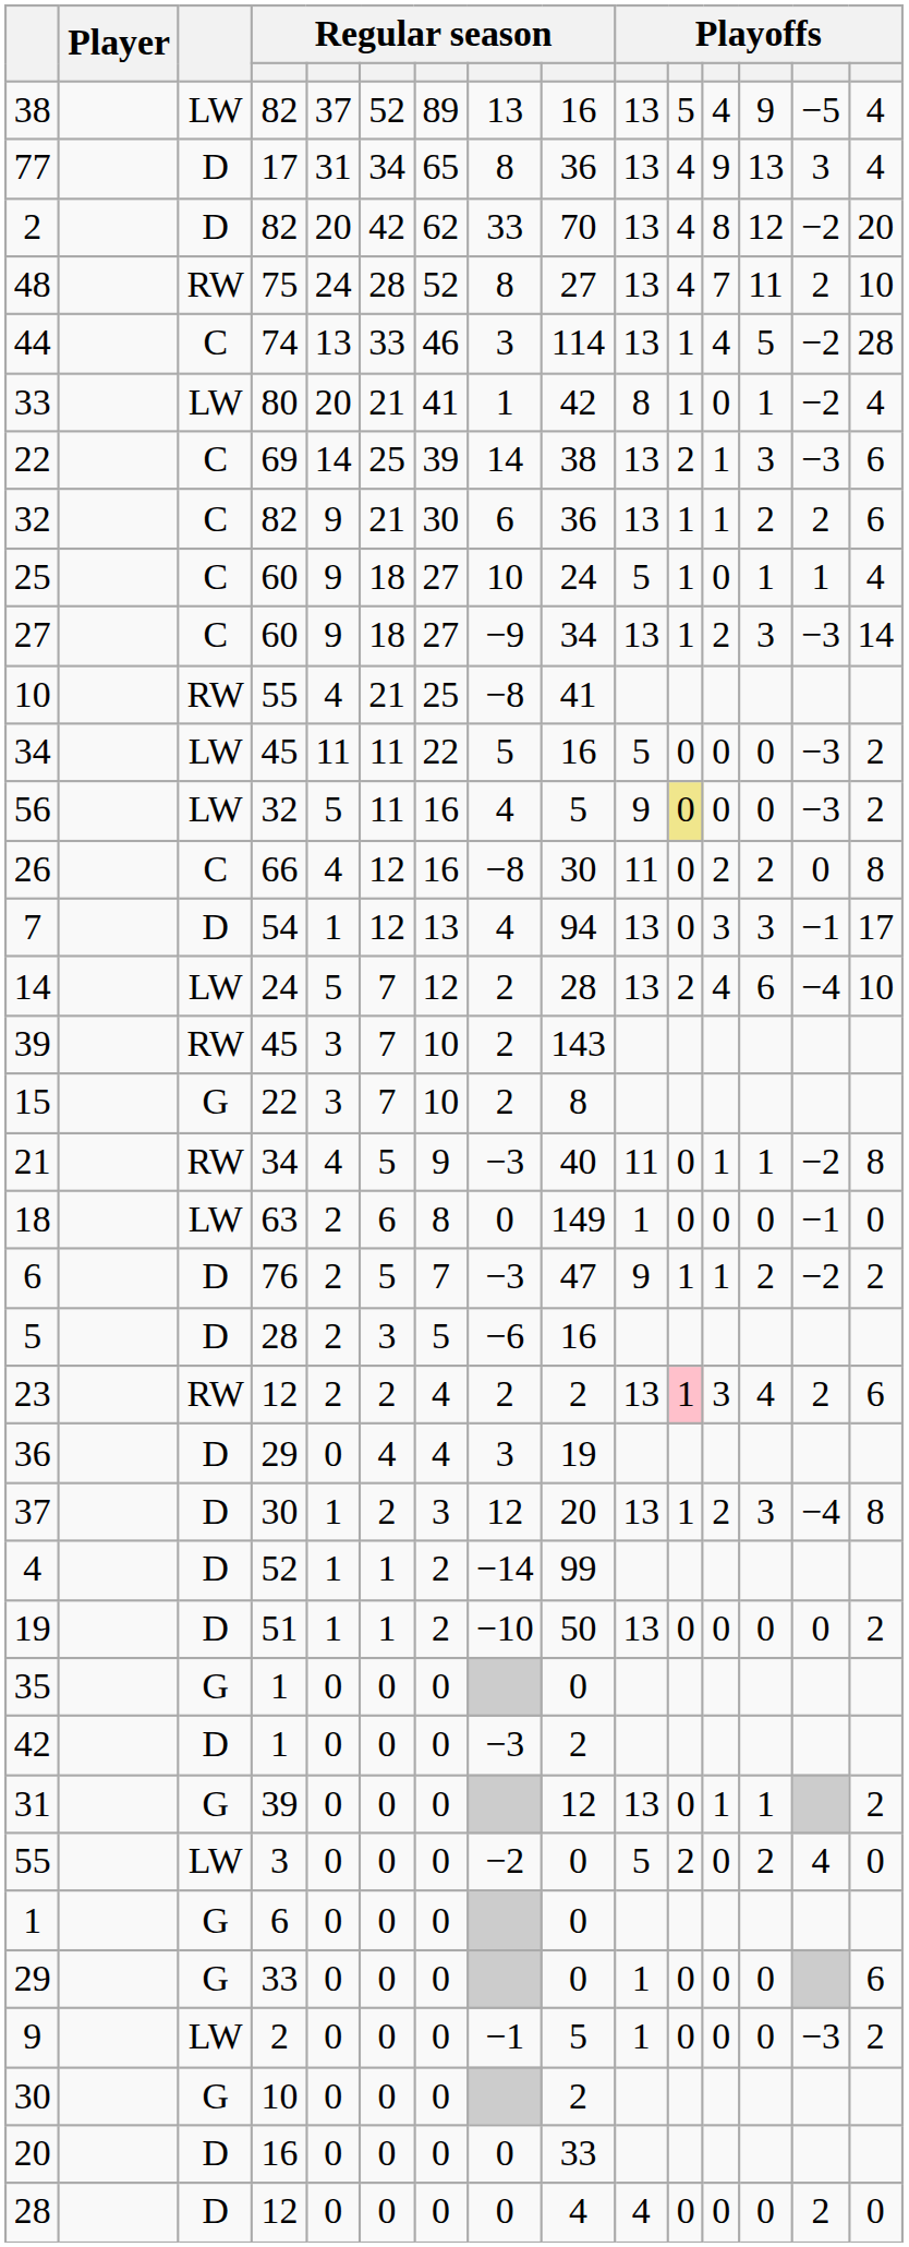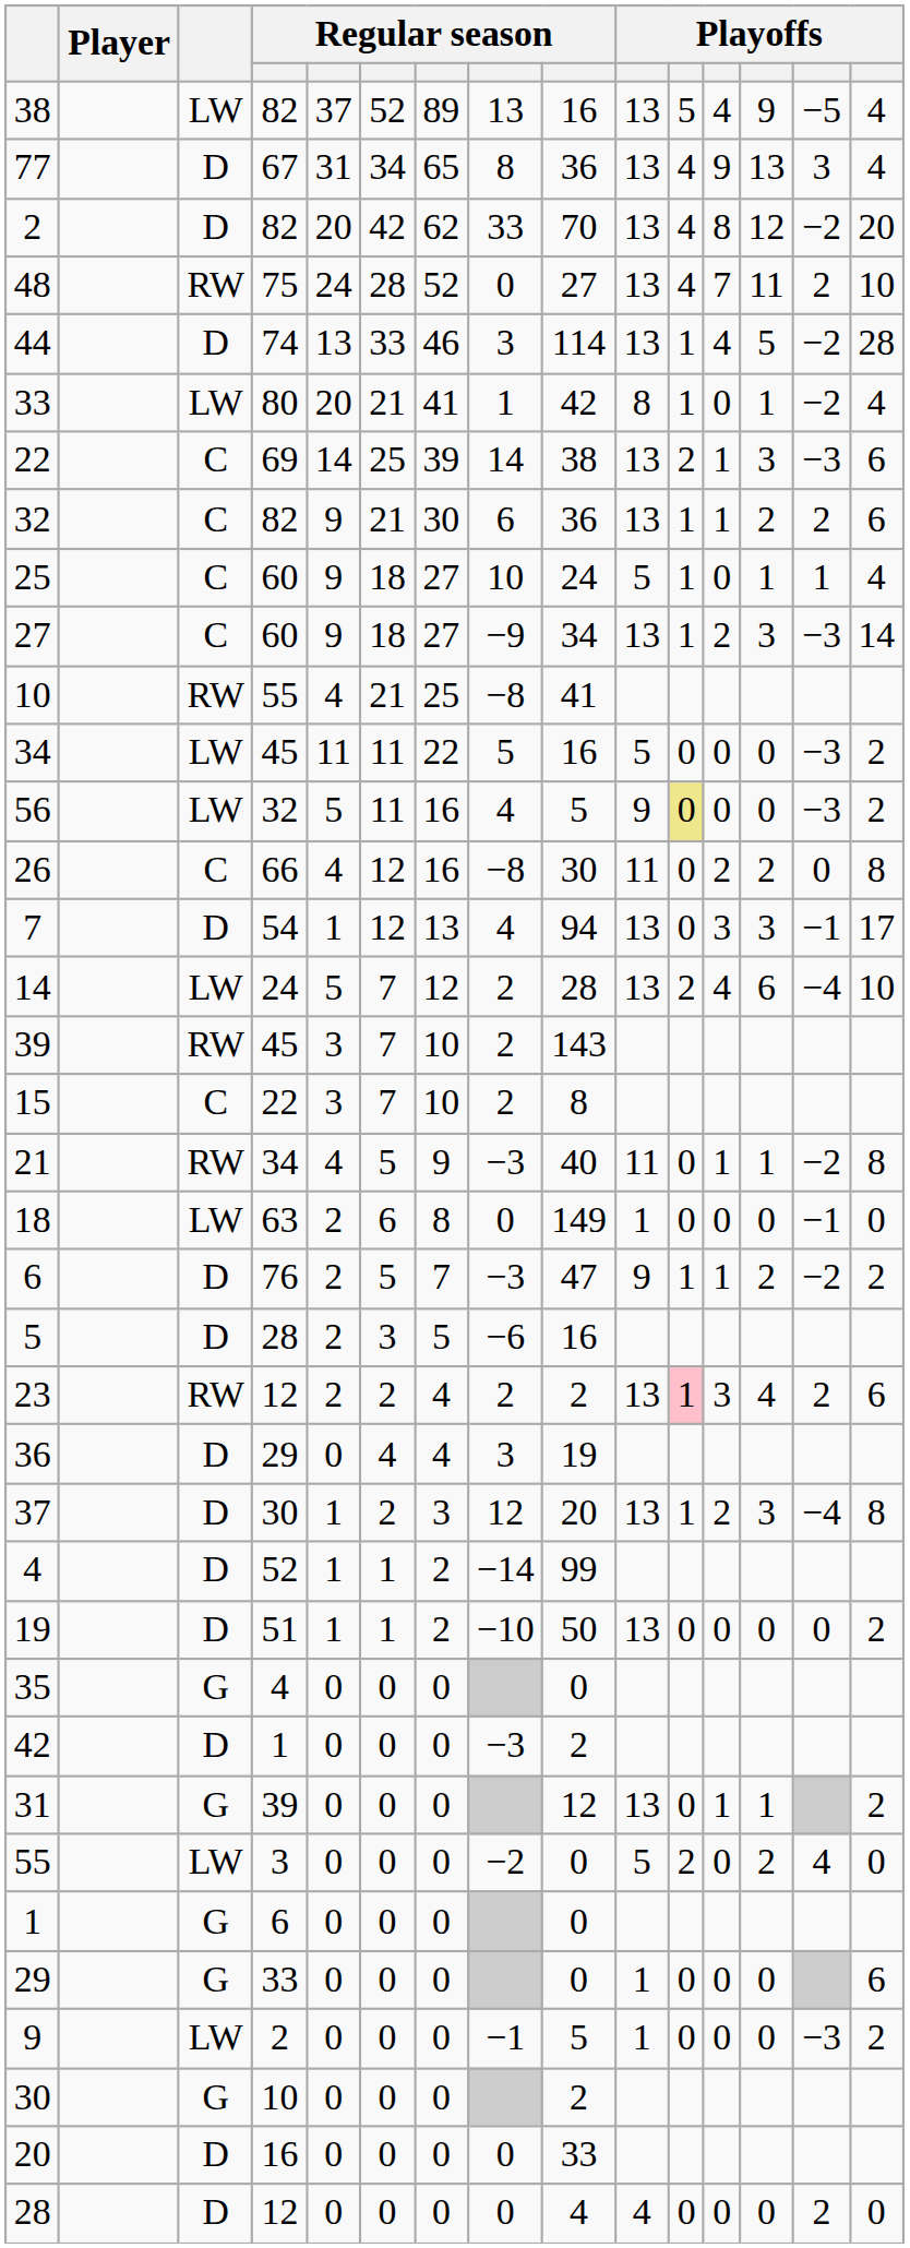 <table class="wikitable sortable plainrowheaders" style="text-align:center;">
 <tr>
 <th scope="col" data-sort-type="number" rowspan="2"></th>
 <th scope="col" rowspan="2">Player</th>
 <th scope="col" rowspan="2"></th>
 <th scope=colgroup colspan=6>Regular season</th>
 <th scope=colgroup colspan=6>Playoffs</th>
 </tr>
 <tr>
 <th scope="col" data-sort-type="number"></th>
 <th scope="col" data-sort-type="number"></th>
 <th scope="col" data-sort-type="number"></th>
 <th scope="col" data-sort-type="number"></th>
 <th scope="col" data-sort-type="number"></th>
 <th scope="col" data-sort-type="number"></th>
 <th scope="col" data-sort-type="number"></th>
 <th scope="col" data-sort-type="number"></th>
 <th scope="col" data-sort-type="number"></th>
 <th scope="col" data-sort-type="number"></th>
 <th scope="col" data-sort-type="number"></th>
 <th scope="col" data-sort-type="number"></th>
 </tr>
 <tr>
 <td scope="row">38</td>
 <td align="left"></td>
 <td>LW</td>
 <td>82</td>
 <td>37</td>
 <td>52</td>
 <td>89</td>
 <td>13</td>
 <td>16</td>
 <td>13</td>
 <td>5</td>
 <td>4</td>
 <td>9</td>
 <td>−5</td>
 <td>4</td>
 </tr>
 <tr>
 <td scope="row">77</td>
 <td align="left"></td>
 <td>D</td>
-<td>17</td>
+<td>67</td>
 <td>31</td>
 <td>34</td>
 <td>65</td>
 <td>8</td>
 <td>36</td>
 <td>13</td>
 <td>4</td>
 <td>9</td>
 <td>13</td>
 <td>3</td>
 <td>4</td>
 </tr>
 <tr>
 <td scope="row">2</td>
 <td align="left"></td>
 <td>D</td>
 <td>82</td>
 <td>20</td>
 <td>42</td>
 <td>62</td>
 <td>33</td>
 <td>70</td>
 <td>13</td>
 <td>4</td>
 <td>8</td>
 <td>12</td>
 <td>−2</td>
 <td>20</td>
 </tr>
 <tr>
 <td scope="row">48</td>
 <td align="left"></td>
 <td>RW</td>
 <td>75</td>
 <td>24</td>
 <td>28</td>
 <td>52</td>
-<td>8</td>
+<td>0</td>
 <td>27</td>
 <td>13</td>
 <td>4</td>
 <td>7</td>
 <td>11</td>
 <td>2</td>
 <td>10</td>
 </tr>
 <tr>
 <td scope="row">44</td>
 <td align="left"></td>
-<td>C</td>
+<td>D</td>
 <td>74</td>
 <td>13</td>
 <td>33</td>
 <td>46</td>
 <td>3</td>
 <td>114</td>
 <td>13</td>
 <td>1</td>
 <td>4</td>
 <td>5</td>
 <td>−2</td>
 <td>28</td>
 </tr>
 <tr>
 <td scope="row">33</td>
 <td align="left"></td>
 <td>LW</td>
 <td>80</td>
 <td>20</td>
 <td>21</td>
 <td>41</td>
 <td>1</td>
 <td>42</td>
 <td>8</td>
 <td>1</td>
 <td>0</td>
 <td>1</td>
 <td>−2</td>
 <td>4</td>
 </tr>
 <tr>
 <td scope="row">22</td>
 <td align="left"></td>
 <td>C</td>
 <td>69</td>
 <td>14</td>
 <td>25</td>
 <td>39</td>
 <td>14</td>
 <td>38</td>
 <td>13</td>
 <td>2</td>
 <td>1</td>
 <td>3</td>
 <td>−3</td>
 <td>6</td>
 </tr>
 <tr>
 <td scope="row">32</td>
 <td align="left"></td>
 <td>C</td>
 <td>82</td>
 <td>9</td>
 <td>21</td>
 <td>30</td>
 <td>6</td>
 <td>36</td>
 <td>13</td>
 <td>1</td>
 <td>1</td>
 <td>2</td>
 <td>2</td>
 <td>6</td>
 </tr>
 <tr>
 <td scope="row">25</td>
 <td align="left"></td>
 <td>C</td>
 <td>60</td>
 <td>9</td>
 <td>18</td>
 <td>27</td>
 <td>10</td>
 <td>24</td>
 <td>5</td>
 <td>1</td>
 <td>0</td>
 <td>1</td>
 <td>1</td>
 <td>4</td>
 </tr>
 <tr>
 <td scope="row">27</td>
 <td align="left"></td>
 <td>C</td>
 <td>60</td>
 <td>9</td>
 <td>18</td>
 <td>27</td>
 <td>−9</td>
 <td>34</td>
 <td>13</td>
 <td>1</td>
 <td>2</td>
 <td>3</td>
 <td>−3</td>
 <td>14</td>
 </tr>
 <tr>
 <td scope="row">10</td>
 <td align="left"></td>
 <td>RW</td>
 <td>55</td>
 <td>4</td>
 <td>21</td>
 <td>25</td>
 <td>−8</td>
 <td>41</td>
 <td></td>
 <td></td>
 <td></td>
 <td></td>
 <td></td>
 <td></td>
 </tr>
 <tr>
 <td scope="row">34</td>
 <td align="left"></td>
 <td>LW</td>
 <td>45</td>
 <td>11</td>
 <td>11</td>
 <td>22</td>
 <td>5</td>
 <td>16</td>
 <td>5</td>
 <td>0</td>
 <td>0</td>
 <td>0</td>
 <td>−3</td>
 <td>2</td>
 </tr>
 <tr>
 <td scope="row">56</td>
 <td align="left"></td>
 <td>LW</td>
 <td>32</td>
 <td>5</td>
 <td>11</td>
 <td>16</td>
 <td>4</td>
 <td>5</td>
 <td>9</td>
 <td style="background: khaki;">0</td>
 <td>0</td>
 <td>0</td>
 <td>−3</td>
 <td>2</td>
 </tr>
 <tr>
 <td scope="row">26</td>
 <td align="left"></td>
 <td>C</td>
 <td>66</td>
 <td>4</td>
 <td>12</td>
 <td>16</td>
 <td>−8</td>
 <td>30</td>
 <td>11</td>
 <td>0</td>
 <td>2</td>
 <td>2</td>
 <td>0</td>
 <td>8</td>
 </tr>
 <tr>
 <td scope="row">7</td>
 <td align="left"></td>
 <td>D</td>
 <td>54</td>
 <td>1</td>
 <td>12</td>
 <td>13</td>
 <td>4</td>
 <td>94</td>
 <td>13</td>
 <td>0</td>
 <td>3</td>
 <td>3</td>
 <td>−1</td>
 <td>17</td>
 </tr>
 <tr>
 <td scope="row">14</td>
 <td align="left"></td>
 <td>LW</td>
 <td>24</td>
 <td>5</td>
 <td>7</td>
 <td>12</td>
 <td>2</td>
 <td>28</td>
 <td>13</td>
 <td>2</td>
 <td>4</td>
 <td>6</td>
 <td>−4</td>
 <td>10</td>
 </tr>
 <tr>
 <td scope="row">39</td>
 <td align="left"></td>
 <td>RW</td>
 <td>45</td>
 <td>3</td>
 <td>7</td>
 <td>10</td>
 <td>2</td>
 <td>143</td>
 <td></td>
 <td></td>
 <td></td>
 <td></td>
 <td></td>
 <td></td>
 </tr>
 <tr>
 <td scope="row">15</td>
 <td align="left"></td>
-<td>G</td>
+<td>C</td>
 <td>22</td>
 <td>3</td>
 <td>7</td>
 <td>10</td>
 <td>2</td>
 <td>8</td>
 <td></td>
 <td></td>
 <td></td>
 <td></td>
 <td></td>
 <td></td>
 </tr>
 <tr>
 <td scope="row">21</td>
 <td align="left"></td>
 <td>RW</td>
 <td>34</td>
 <td>4</td>
 <td>5</td>
 <td>9</td>
 <td>−3</td>
 <td>40</td>
 <td>11</td>
 <td>0</td>
 <td>1</td>
 <td>1</td>
 <td>−2</td>
 <td>8</td>
 </tr>
 <tr>
 <td scope="row">18</td>
 <td align="left"></td>
 <td>LW</td>
 <td>63</td>
 <td>2</td>
 <td>6</td>
 <td>8</td>
 <td>0</td>
 <td>149</td>
 <td>1</td>
 <td>0</td>
 <td>0</td>
 <td>0</td>
 <td>−1</td>
 <td>0</td>
 </tr>
 <tr>
 <td scope="row">6</td>
 <td align="left"></td>
 <td>D</td>
 <td>76</td>
 <td>2</td>
 <td>5</td>
 <td>7</td>
 <td>−3</td>
 <td>47</td>
 <td>9</td>
 <td>1</td>
 <td>1</td>
 <td>2</td>
 <td>−2</td>
 <td>2</td>
 </tr>
 <tr>
 <td scope="row">5</td>
 <td align="left"></td>
 <td>D</td>
 <td>28</td>
 <td>2</td>
 <td>3</td>
 <td>5</td>
 <td>−6</td>
 <td>16</td>
 <td></td>
 <td></td>
 <td></td>
 <td></td>
 <td></td>
 <td></td>
 </tr>
 <tr>
 <td scope="row">23</td>
 <td align="left"></td>
 <td>RW</td>
 <td>12</td>
 <td>2</td>
 <td>2</td>
 <td>4</td>
 <td>2</td>
 <td>2</td>
 <td>13</td>
 <td style="background: pink;">1</td>
 <td>3</td>
 <td>4</td>
 <td>2</td>
 <td>6</td>
 </tr>
 <tr>
 <td scope="row">36</td>
 <td align="left"></td>
 <td>D</td>
 <td>29</td>
 <td>0</td>
 <td>4</td>
 <td>4</td>
 <td>3</td>
 <td>19</td>
 <td></td>
 <td></td>
 <td></td>
 <td></td>
 <td></td>
 <td></td>
 </tr>
 <tr>
 <td scope="row">37</td>
 <td align="left"></td>
 <td>D</td>
 <td>30</td>
 <td>1</td>
 <td>2</td>
 <td>3</td>
 <td>12</td>
 <td>20</td>
 <td>13</td>
 <td>1</td>
 <td>2</td>
 <td>3</td>
 <td>−4</td>
 <td>8</td>
 </tr>
 <tr>
 <td scope="row">4</td>
 <td align="left"></td>
 <td>D</td>
 <td>52</td>
 <td>1</td>
 <td>1</td>
 <td>2</td>
 <td>−14</td>
 <td>99</td>
 <td></td>
 <td></td>
 <td></td>
 <td></td>
 <td></td>
 <td></td>
 </tr>
 <tr>
 <td scope="row">19</td>
 <td align="left"></td>
 <td>D</td>
 <td>51</td>
 <td>1</td>
 <td>1</td>
 <td>2</td>
 <td>−10</td>
 <td>50</td>
 <td>13</td>
 <td>0</td>
 <td>0</td>
 <td>0</td>
 <td>0</td>
 <td>2</td>
 </tr>
 <tr>
 <td scope="row">35</td>
 <td align="left"></td>
 <td>G</td>
-<td>1</td>
+<td>4</td>
 <td>0</td>
 <td>0</td>
 <td>0</td>
 <td style="background:#ccc"></td>
 <td>0</td>
 <td></td>
 <td></td>
 <td></td>
 <td></td>
 <td></td>
 <td></td>
 </tr>
 <tr>
 <td scope="row">42</td>
 <td align="left"></td>
 <td>D</td>
 <td>1</td>
 <td>0</td>
 <td>0</td>
 <td>0</td>
 <td>−3</td>
 <td>2</td>
 <td></td>
 <td></td>
 <td></td>
 <td></td>
 <td></td>
 <td></td>
 </tr>
 <tr>
 <td scope="row">31</td>
 <td align="left"></td>
 <td>G</td>
 <td>39</td>
 <td>0</td>
 <td>0</td>
 <td>0</td>
 <td style="background:#ccc"></td>
 <td>12</td>
 <td>13</td>
 <td>0</td>
 <td>1</td>
 <td>1</td>
 <td style="background:#ccc"></td>
 <td>2</td>
 </tr>
 <tr>
 <td scope="row">55</td>
 <td align="left"></td>
 <td>LW</td>
 <td>3</td>
 <td>0</td>
 <td>0</td>
 <td>0</td>
 <td>−2</td>
 <td>0</td>
 <td>5</td>
 <td>2</td>
 <td>0</td>
 <td>2</td>
 <td>4</td>
 <td>0</td>
 </tr>
 <tr>
 <td scope="row">1</td>
 <td align="left"></td>
 <td>G</td>
 <td>6</td>
 <td>0</td>
 <td>0</td>
 <td>0</td>
 <td style="background:#ccc"></td>
 <td>0</td>
 <td></td>
 <td></td>
 <td></td>
 <td></td>
 <td></td>
 <td></td>
 </tr>
 <tr>
 <td scope="row">29</td>
 <td align="left"></td>
 <td>G</td>
 <td>33</td>
 <td>0</td>
 <td>0</td>
 <td>0</td>
 <td style="background:#ccc"></td>
 <td>0</td>
 <td>1</td>
 <td>0</td>
 <td>0</td>
 <td>0</td>
 <td style="background:#ccc"></td>
 <td>6</td>
 </tr>
 <tr>
 <td scope="row">9</td>
 <td align="left"></td>
 <td>LW</td>
 <td>2</td>
 <td>0</td>
 <td>0</td>
 <td>0</td>
 <td>−1</td>
 <td>5</td>
 <td>1</td>
 <td>0</td>
 <td>0</td>
 <td>0</td>
 <td>−3</td>
 <td>2</td>
 </tr>
 <tr>
 <td scope="row">30</td>
 <td align="left"></td>
 <td>G</td>
 <td>10</td>
 <td>0</td>
 <td>0</td>
 <td>0</td>
 <td style="background:#ccc"></td>
 <td>2</td>
 <td></td>
 <td></td>
 <td></td>
 <td></td>
 <td></td>
 <td></td>
 </tr>
 <tr>
 <td scope="row">20</td>
 <td align="left"></td>
 <td>D</td>
 <td>16</td>
 <td>0</td>
 <td>0</td>
 <td>0</td>
 <td>0</td>
 <td>33</td>
 <td></td>
 <td></td>
 <td></td>
 <td></td>
 <td></td>
 <td></td>
 </tr>
 <tr>
 <td scope="row">28</td>
 <td align="left"></td>
 <td>D</td>
 <td>12</td>
 <td>0</td>
 <td>0</td>
 <td>0</td>
 <td>0</td>
 <td>4</td>
 <td>4</td>
 <td>0</td>
 <td>0</td>
 <td>0</td>
 <td>2</td>
 <td>0</td>
 </tr>
 </table>
